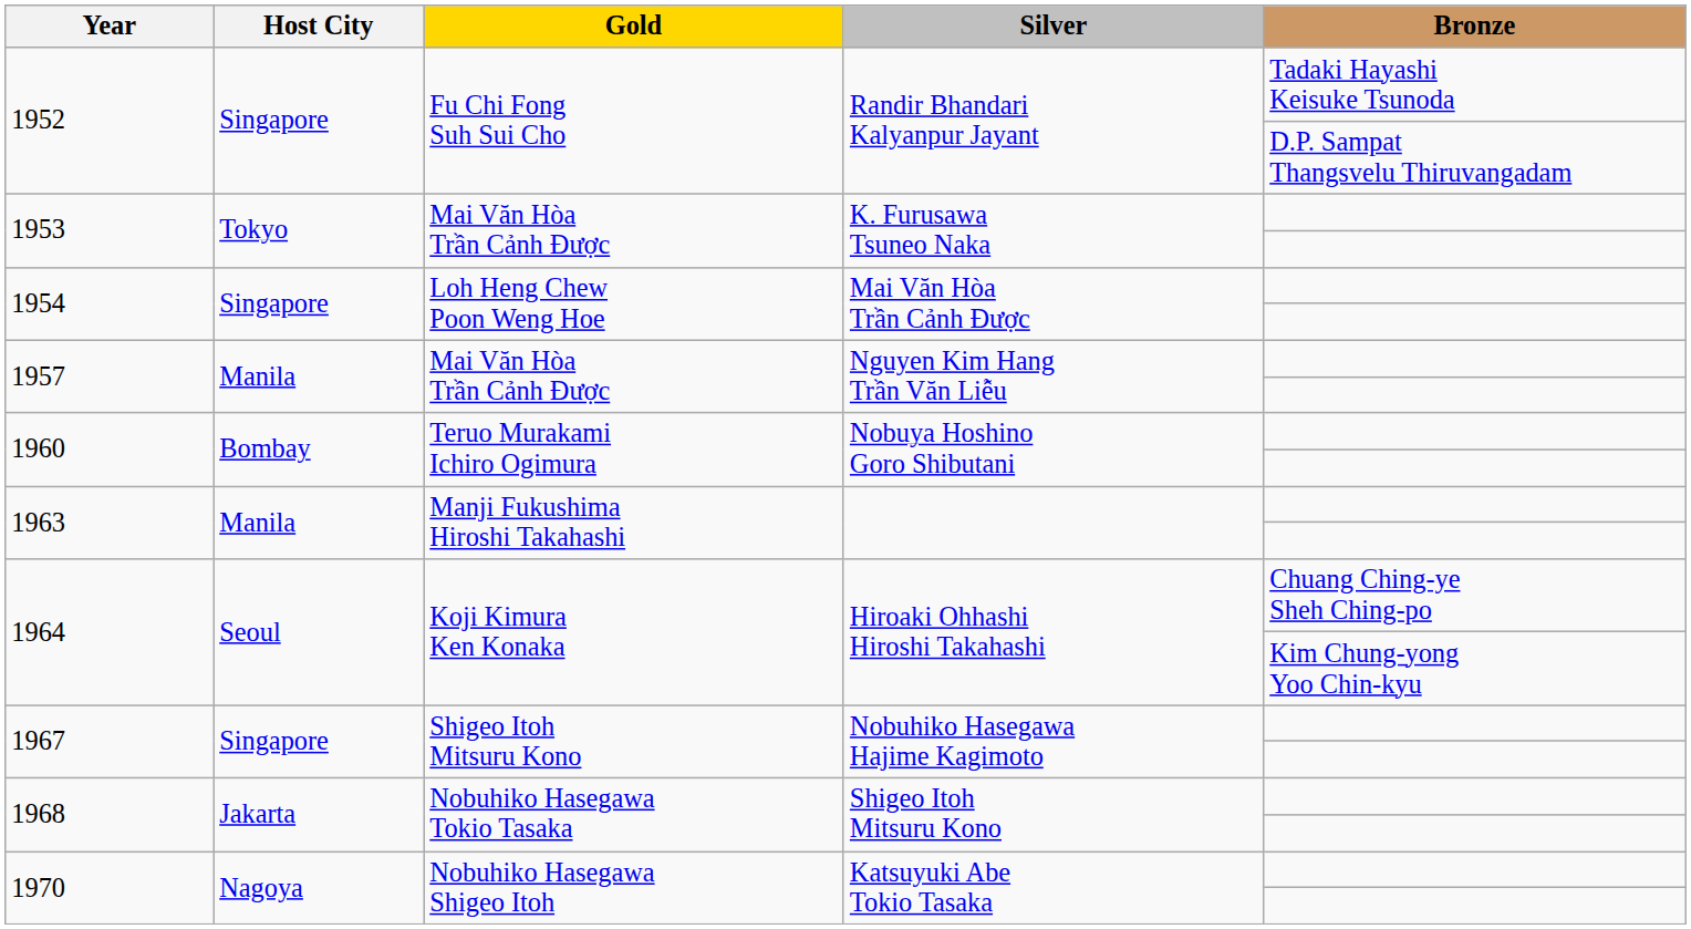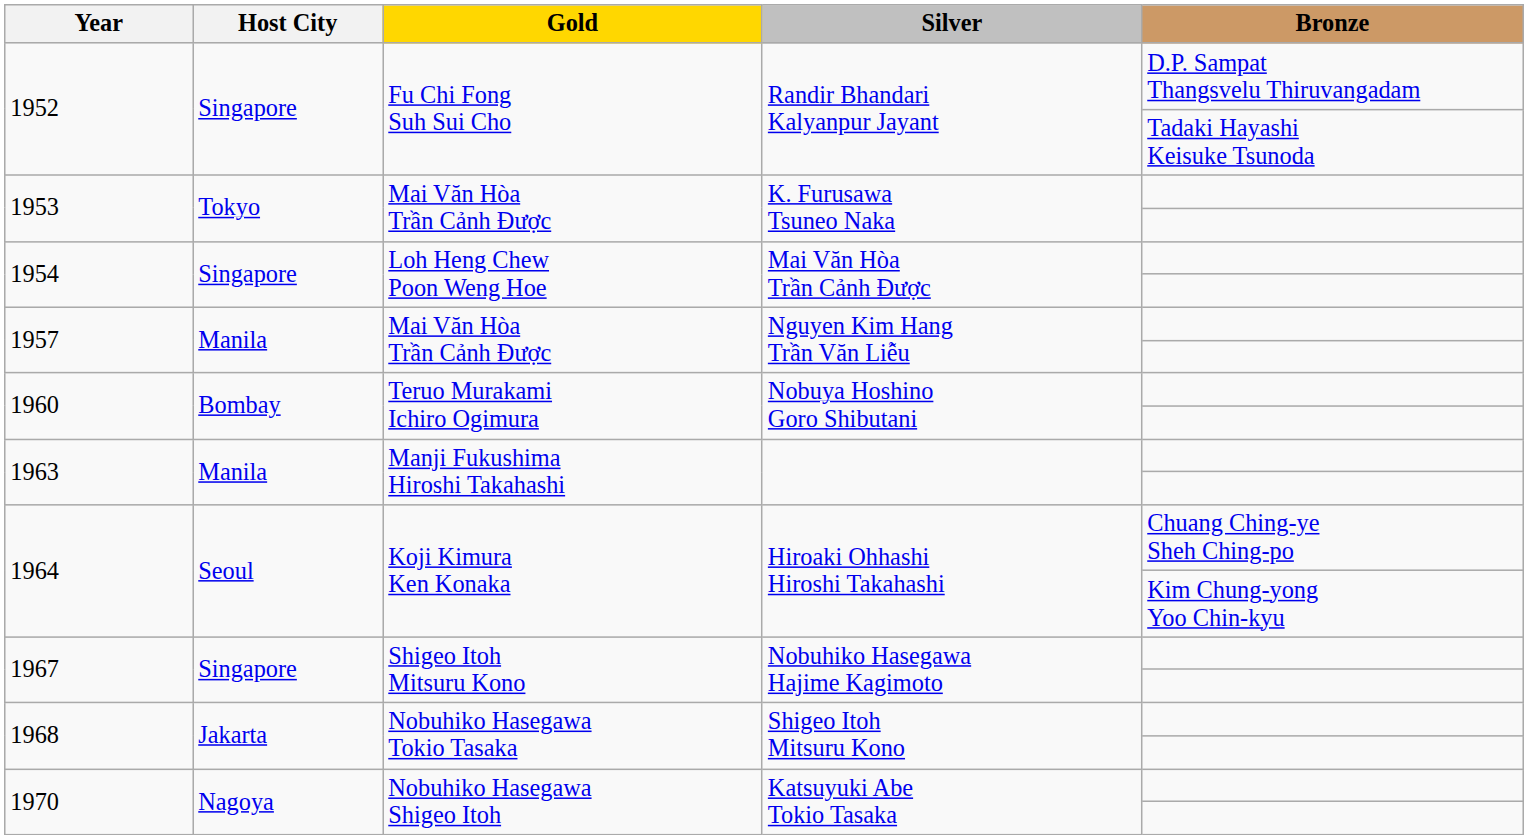 <table class="wikitable" style="text-align:left; width:1000px;">
 <tr>
 <th width="120">Year</th>
 <th width="120">Host City</th>
 <th width="250" style="background-color: gold">Gold</th>
 <th width="250" style="background-color: silver">Silver</th>
 <th width="250" style="background-color: #cc9966">Bronze</th>
 </tr>
 <tr>
 <td rowspan=2>1952</td>
 <td rowspan=2><a href='#'>Singapore</a></td>
 <td rowspan=2> <a href='#'>Fu Chi Fong</a><br> <a href='#'>Suh Sui Cho</a></td>
 <td rowspan=2> <a href='#'>Randir Bhandari</a><br> <a href='#'>Kalyanpur Jayant</a></td>
-<td> <a href='#'>Tadaki Hayashi</a><br> <a href='#'>Keisuke Tsunoda</a></td>
+<td> <a href='#'>D.P. Sampat</a><br> <a href='#'>Thangsvelu Thiruvangadam</a></td>
 </tr>
 <tr>
-<td> <a href='#'>D.P. Sampat</a><br> <a href='#'>Thangsvelu Thiruvangadam</a></td>
+<td> <a href='#'>Tadaki Hayashi</a><br> <a href='#'>Keisuke Tsunoda</a></td>
 </tr>
 <tr>
 <td rowspan=2>1953</td>
 <td rowspan=2><a href='#'>Tokyo</a></td>
 <td rowspan=2> <a href='#'>Mai Văn Hòa</a><br> <a href='#'>Trần Cảnh Được</a></td>
 <td rowspan=2> <a href='#'>K. Furusawa</a><br> <a href='#'>Tsuneo Naka</a></td>
 <td></td>
 </tr>
 <tr>
 <td></td>
 </tr>
 <tr>
 <td rowspan=2>1954</td>
 <td rowspan=2><a href='#'>Singapore</a></td>
 <td rowspan=2> <a href='#'>Loh Heng Chew</a><br> <a href='#'>Poon Weng Hoe</a></td>
 <td rowspan=2> <a href='#'>Mai Văn Hòa</a><br> <a href='#'>Trần Cảnh Được</a></td>
 <td></td>
 </tr>
 <tr>
 <td></td>
 </tr>
 <tr>
 <td rowspan=2>1957</td>
 <td rowspan=2><a href='#'>Manila</a></td>
 <td rowspan=2> <a href='#'>Mai Văn Hòa</a><br> <a href='#'>Trần Cảnh Được</a></td>
 <td rowspan=2> <a href='#'>Nguyen Kim Hang</a><br> <a href='#'>Trần Văn Liễu</a></td>
 <td></td>
 </tr>
 <tr>
 <td></td>
 </tr>
 <tr>
 <td rowspan=2>1960</td>
 <td rowspan=2><a href='#'>Bombay</a></td>
 <td rowspan=2> <a href='#'>Teruo Murakami</a><br> <a href='#'>Ichiro Ogimura</a></td>
 <td rowspan=2> <a href='#'>Nobuya Hoshino</a><br> <a href='#'>Goro Shibutani</a></td>
 <td></td>
 </tr>
 <tr>
 <td></td>
 </tr>
 <tr>
 <td rowspan=2>1963</td>
 <td rowspan=2><a href='#'>Manila</a></td>
 <td rowspan=2> <a href='#'>Manji Fukushima</a><br> <a href='#'>Hiroshi Takahashi</a></td>
 <td rowspan=2></td>
 <td></td>
 </tr>
 <tr>
 <td></td>
 </tr>
 <tr>
 <td rowspan=2>1964</td>
 <td rowspan=2><a href='#'>Seoul</a></td>
 <td rowspan=2> <a href='#'>Koji Kimura</a><br> <a href='#'>Ken Konaka</a></td>
 <td rowspan=2> <a href='#'>Hiroaki Ohhashi</a><br> <a href='#'>Hiroshi Takahashi</a></td>
 <td> <a href='#'>Chuang Ching-ye</a><br> <a href='#'>Sheh Ching-po</a></td>
 </tr>
 <tr>
 <td> <a href='#'>Kim Chung-yong</a><br> <a href='#'>Yoo Chin-kyu</a></td>
 </tr>
 <tr>
 <td rowspan=2>1967</td>
 <td rowspan=2><a href='#'>Singapore</a></td>
 <td rowspan=2> <a href='#'>Shigeo Itoh</a><br> <a href='#'>Mitsuru Kono</a></td>
 <td rowspan=2> <a href='#'>Nobuhiko Hasegawa</a><br> <a href='#'>Hajime Kagimoto</a></td>
 <td></td>
 </tr>
 <tr>
 <td></td>
 </tr>
 <tr>
 <td rowspan=2>1968</td>
 <td rowspan=2><a href='#'>Jakarta</a></td>
 <td rowspan=2> <a href='#'>Nobuhiko Hasegawa</a><br> <a href='#'>Tokio Tasaka</a></td>
 <td rowspan=2> <a href='#'>Shigeo Itoh</a><br> <a href='#'>Mitsuru Kono</a></td>
 <td></td>
 </tr>
 <tr>
 <td></td>
 </tr>
 <tr>
 <td rowspan=2>1970</td>
 <td rowspan=2><a href='#'>Nagoya</a></td>
 <td rowspan=2> <a href='#'>Nobuhiko Hasegawa</a><br> <a href='#'>Shigeo Itoh</a></td>
 <td rowspan=2> <a href='#'>Katsuyuki Abe</a><br> <a href='#'>Tokio Tasaka</a></td>
 <td></td>
 </tr>
 <tr>
 <td></td>
 </tr>
 </table>
